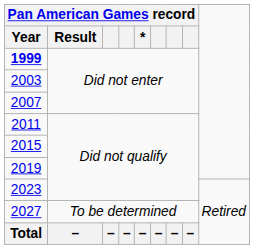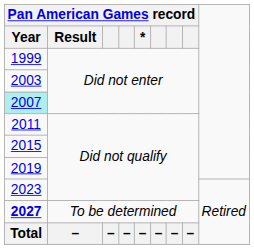 <table class="wikitable" style="text-align: center;">
 <tr>
 <th colspan="8"><a href='#'>Pan American Games</a> record</th>
 </tr>
 <tr>
 <th>Year</th>
 <th>Result</th>
 <th></th>
 <th></th>
 <th>*</th>
 <th></th>
 <th></th>
 <th></th>
 </tr>
 <tr>
-<td><strong> <a href='#'>1999</a></strong></td>
+<td> <a href='#'>1999</a></td>
 <td colspan=7 rowspan=3><em>Did not enter</em></td>
 </tr>
 <tr>
 <td> <a href='#'>2003</a></td>
 </tr>
 <tr>
-<td> <a href='#'>2007</a></td>
+<td style="background: paleturquoise;"> <a href='#'>2007</a></td>
 </tr>
 <tr>
 <td> <a href='#'>2011</a></td>
 <td colspan=7 rowspan=4><em>Did not qualify</em></td>
 </tr>
 <tr>
 <td> <a href='#'>2015</a></td>
 </tr>
 <tr>
 <td> <a href='#'>2019</a></td>
 </tr>
 <tr>
 <td> <a href='#'>2023</a></td>
 <td colspan=7 rowspan=4><em>Retired</em></td>
 </tr>
 <tr>
-<td> <a href='#'>2027</a></td>
+<td><strong> <a href='#'>2027</a></strong></td>
 <td colspan=7 rowspan=1><em>To be determined</em></td>
 </tr>
 <tr>
 <th>Total</th>
 <th>–</th>
 <th>–</th>
 <th>–</th>
 <th>–</th>
 <th>–</th>
 <th>–</th>
 <th>–</th>
 </tr>
 </table>
